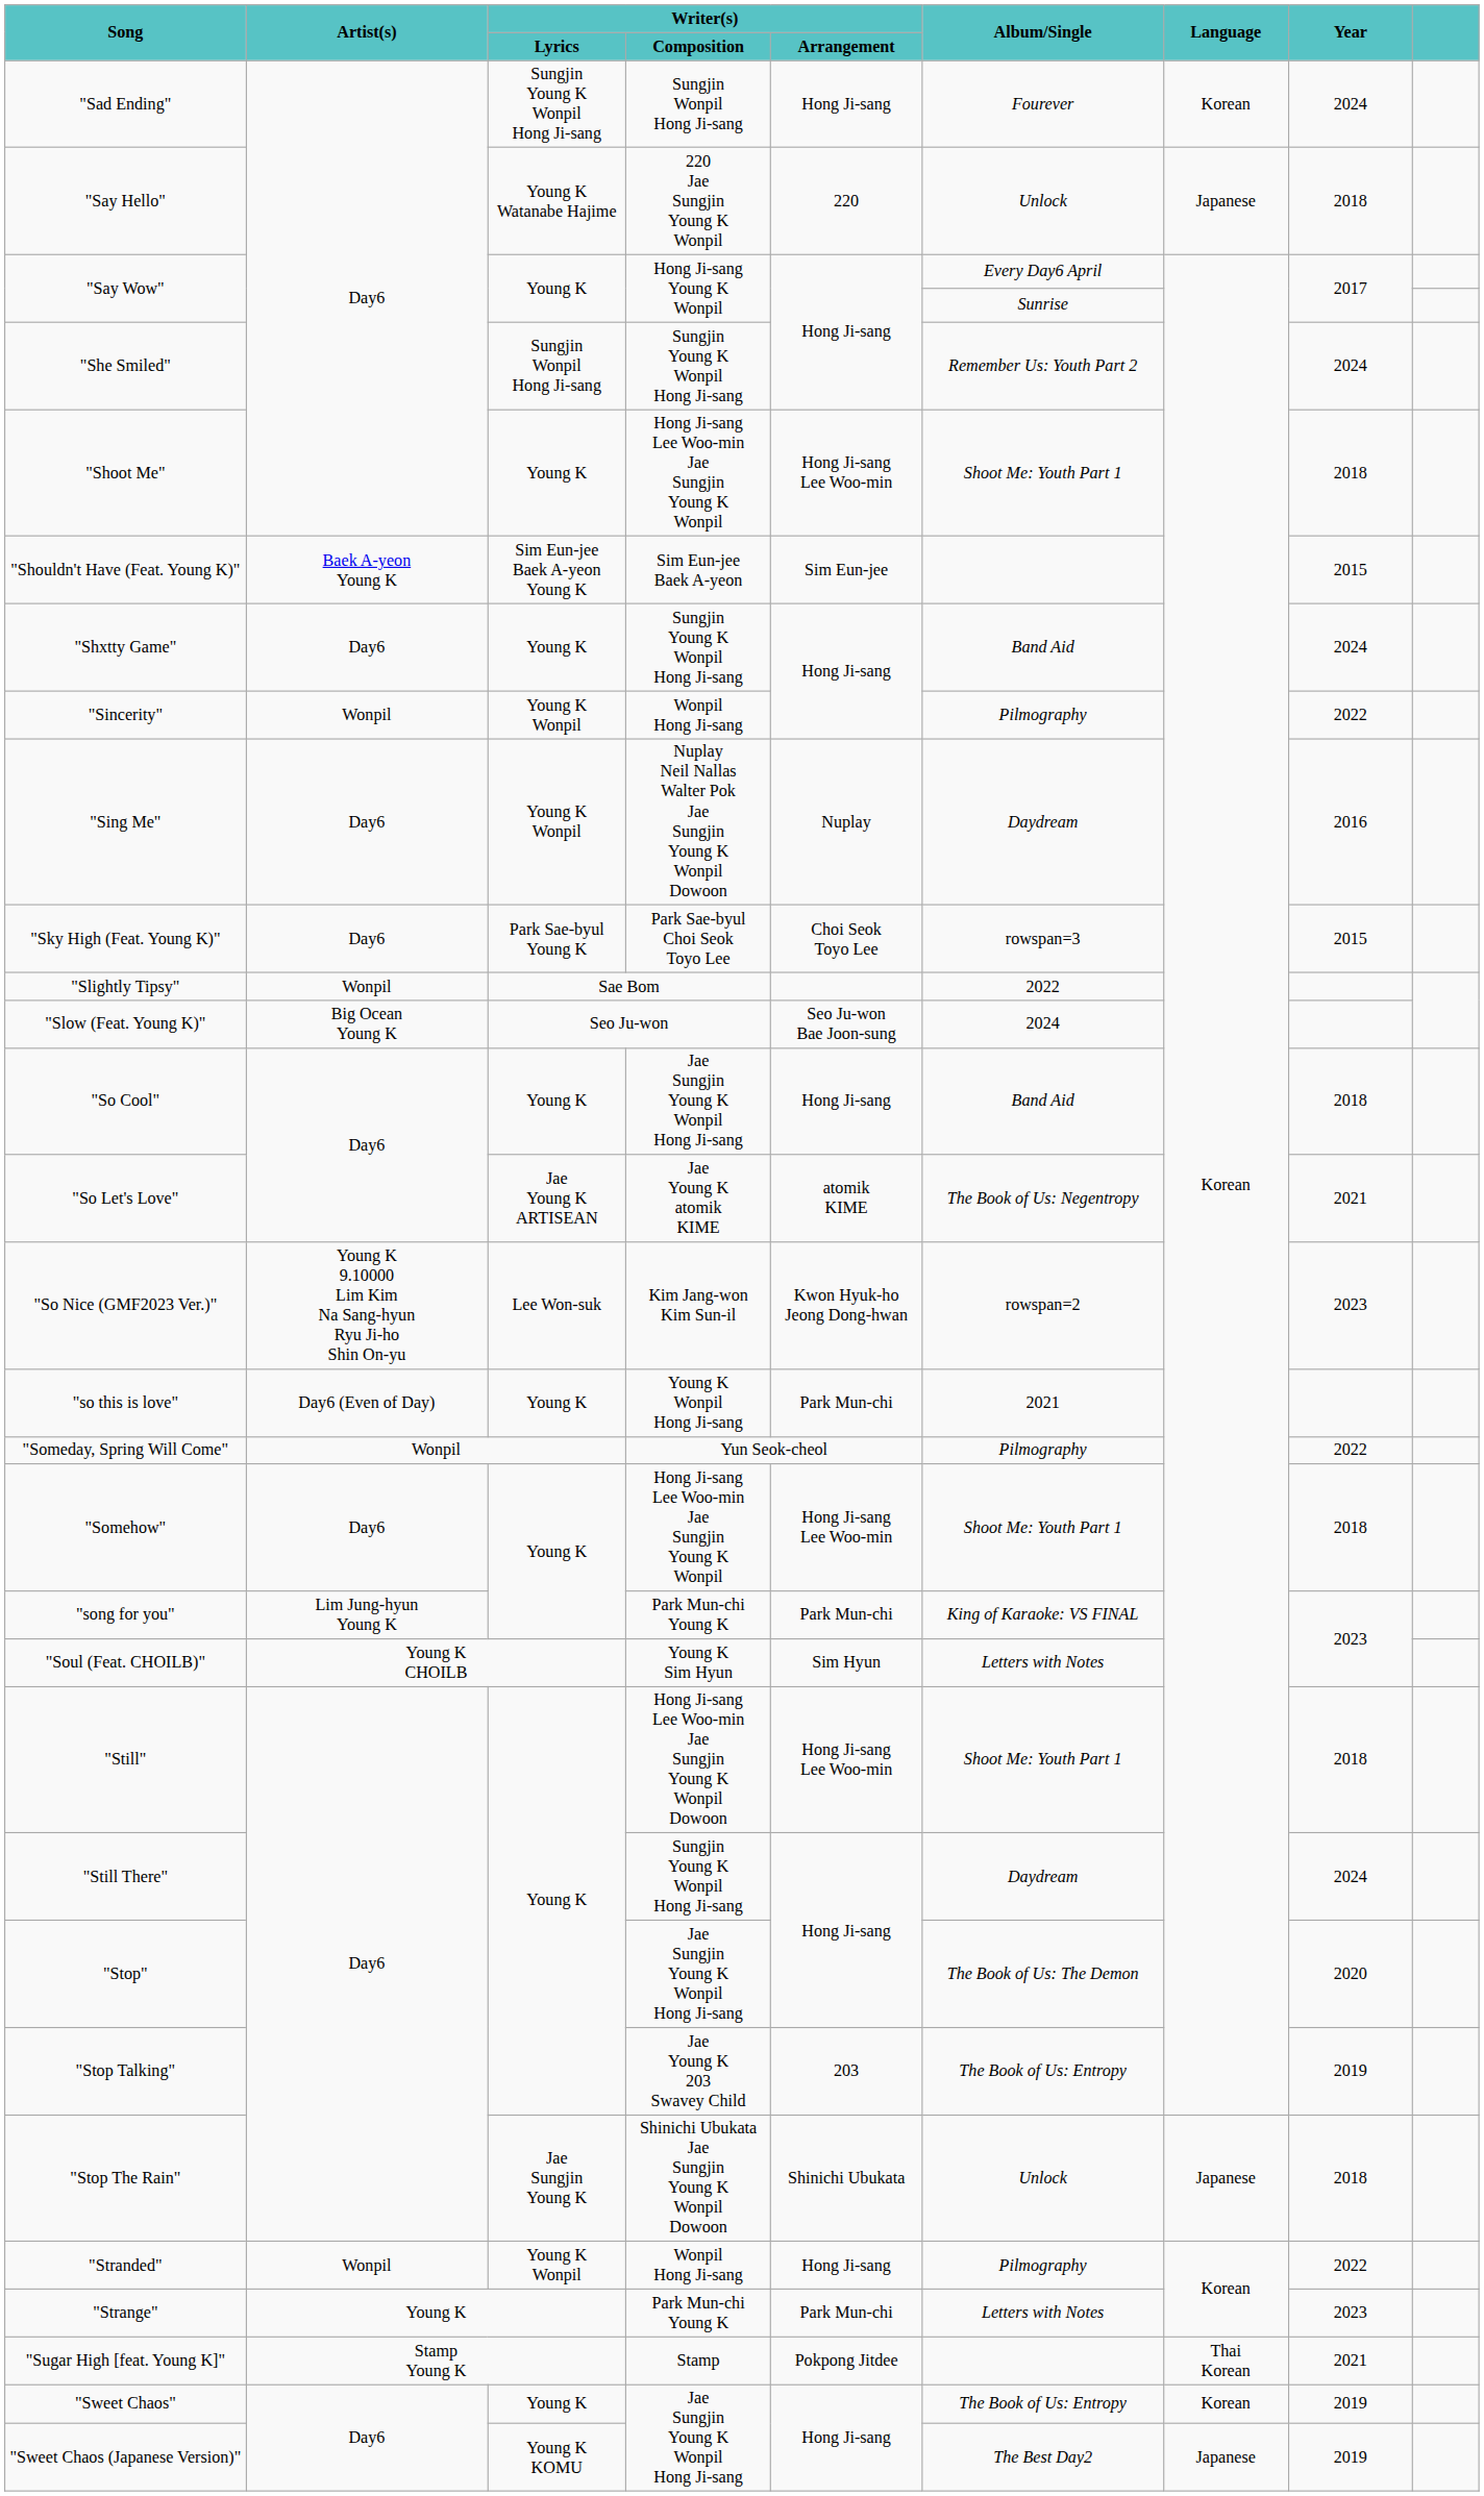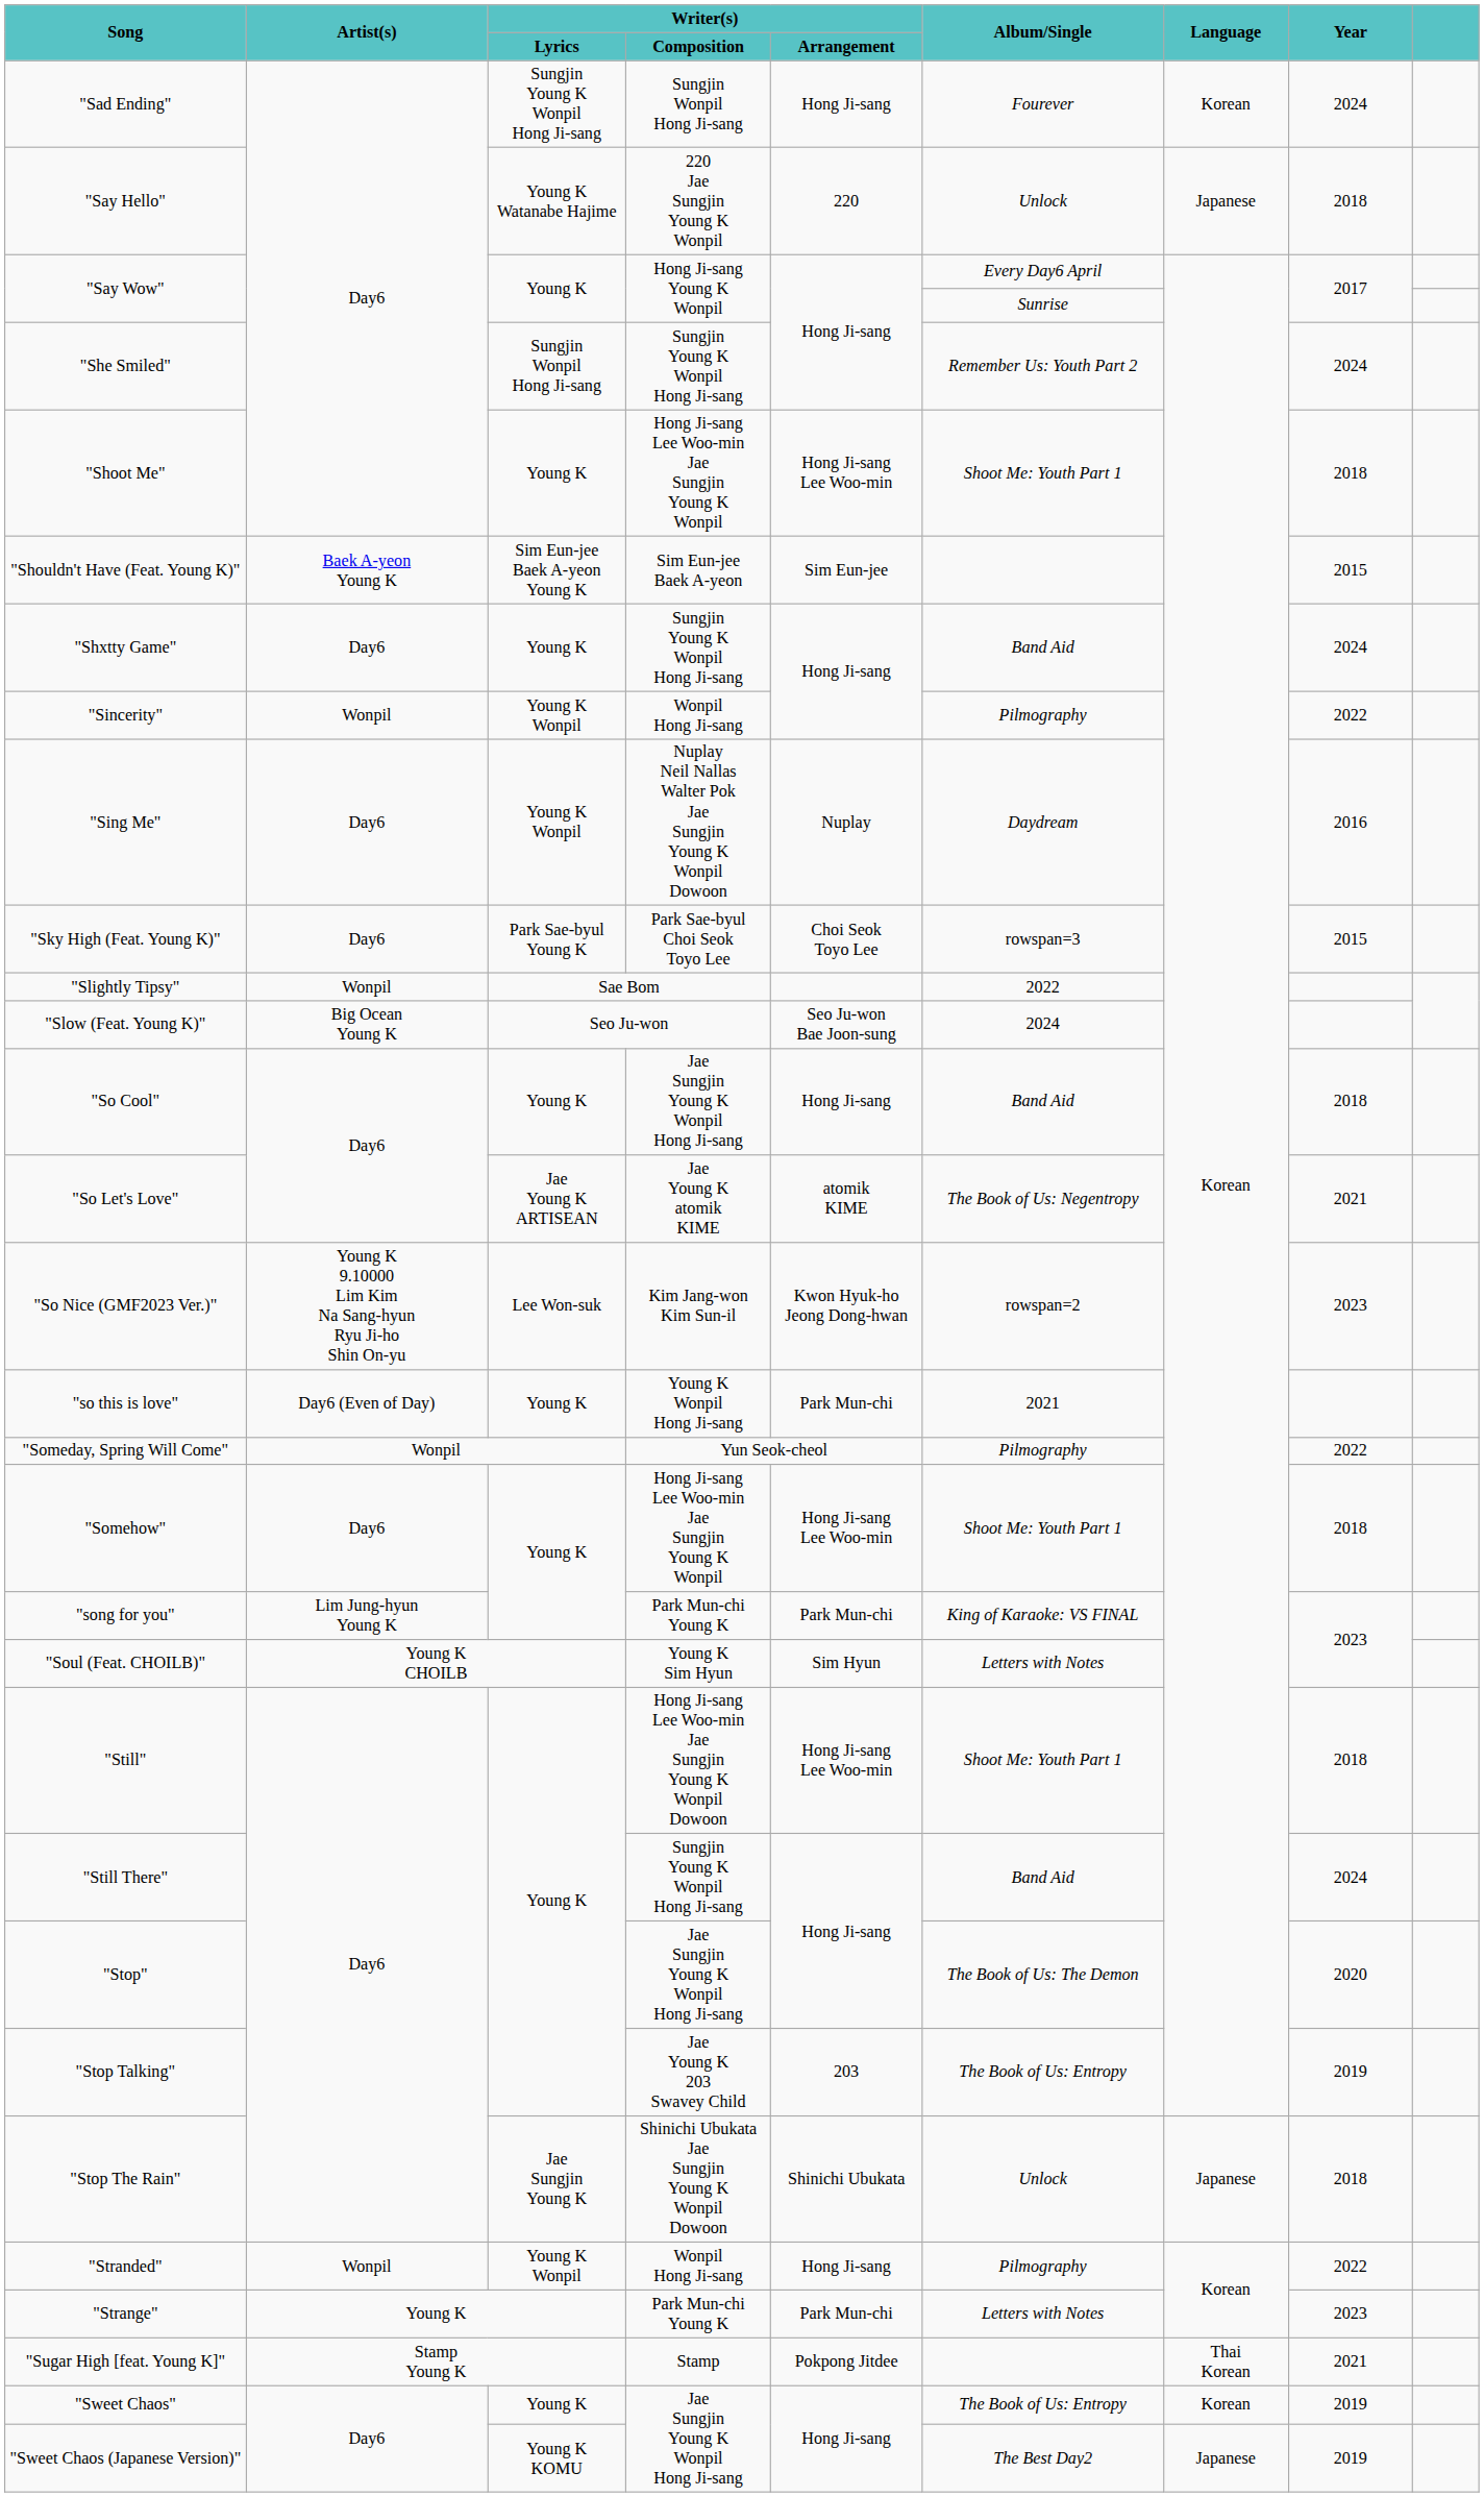 <table class="wikitable" style="margin:0.5em auto; clear:both; font-size:.9em; text-align:center; width:100%">
 <tr>
 <th rowspan=2 style="width:200px; background:#57c3c5;">Song</th>
 <th rowspan=2 style="width:200px; background:#57c3c5;">Artist(s)</th>
 <th colspan=3 style="width:700px; background:#57c3c5;">Writer(s)</th>
 <th rowspan=2 style="width:200px; background:#57c3c5;">Album/Single</th>
 <th rowspan=2 style="width:100px; background:#57c3c5;">Language</th>
 <th rowspan=2 style="width:100px; background:#57c3c5;">Year</th>
 <th rowspan=2 style="width:50px;  background:#57c3c5;"></th>
 </tr>
 <tr>
 <th style="background:#57c3c5">Lyrics</th>
 <th style="background:#57c3c5">Composition</th>
 <th style="background:#57c3c5">Arrangement</th>
 </tr>
 <tr>
 <td>"Sad Ending"<br></td>
 <td rowspan=6>Day6</td>
 <td>Sungjin<br>Young K<br>Wonpil<br>Hong Ji-sang</td>
 <td>Sungjin<br>Wonpil<br>Hong Ji-sang</td>
 <td>Hong Ji-sang</td>
 <td><em>Fourever</em></td>
 <td>Korean</td>
 <td>2024</td>
 <td></td>
 </tr>
 <tr>
 <td>"Say Hello"</td>
 <td>Young K<br>Watanabe Hajime</td>
 <td>220<br>Jae<br>Sungjin<br>Young K<br>Wonpil</td>
 <td>220</td>
 <td><em>Unlock</em></td>
 <td>Japanese</td>
 <td>2018</td>
 <td></td>
 </tr>
 <tr>
 <td rowspan=2>"Say Wow"</td>
 <td rowspan=2>Young K</td>
 <td rowspan=2>Hong Ji-sang<br>Young K<br>Wonpil</td>
 <td rowspan=3>Hong Ji-sang</td>
 <td><em>Every Day6 April</em></td>
 <td rowspan=23>Korean</td>
 <td rowspan=2>2017</td>
 <td></td>
 </tr>
 <tr>
 <td><em>Sunrise</em></td>
 <td></td>
 </tr>
 <tr>
 <td>"She Smiled"<br></td>
 <td>Sungjin<br>Wonpil<br>Hong Ji-sang</td>
 <td>Sungjin<br>Young K<br>Wonpil<br>Hong Ji-sang</td>
 <td><em>Remember Us: Youth Part 2</em></td>
 <td>2024</td>
 <td></td>
 </tr>
 <tr>
 <td>"Shoot Me"</td>
 <td>Young K</td>
 <td>Hong Ji-sang<br>Lee Woo-min<br>Jae<br>Sungjin<br>Young K<br>Wonpil</td>
 <td>Hong Ji-sang<br>Lee Woo-min</td>
 <td><em>Shoot Me: Youth Part 1</em></td>
 <td>2018</td>
 <td></td>
 </tr>
 <tr>
 <td>"Shouldn't Have (Feat. Young K)"<br></td>
 <td><a href='#'>Baek A-yeon</a><br>Young K</td>
 <td>Sim Eun-jee<br>Baek A-yeon<br>Young K</td>
 <td>Sim Eun-jee<br>Baek A-yeon</td>
 <td>Sim Eun-jee</td>
 <td></td>
 <td>2015</td>
 <td></td>
 </tr>
 <tr>
 <td>"Shxtty Game"<br></td>
 <td>Day6</td>
 <td>Young K</td>
 <td>Sungjin<br>Young K<br>Wonpil<br>Hong Ji-sang</td>
 <td rowspan=2>Hong Ji-sang</td>
 <td><em>Band Aid</em></td>
 <td>2024</td>
 <td></td>
 </tr>
 <tr>
 <td>"Sincerity"<br></td>
 <td>Wonpil</td>
 <td>Young K<br>Wonpil</td>
 <td>Wonpil<br>Hong Ji-sang</td>
 <td><em>Pilmography</em></td>
 <td>2022</td>
 <td></td>
 </tr>
 <tr>
 <td>"Sing Me"</td>
 <td>Day6</td>
 <td>Young K<br>Wonpil</td>
 <td>Nuplay<br>Neil Nallas<br>Walter Pok<br>Jae<br>Sungjin<br>Young K<br>Wonpil<br>Dowoon</td>
 <td>Nuplay</td>
 <td><em>Daydream</em></td>
 <td>2016</td>
 <td></td>
 </tr>
 <tr>
 <td>"Sky High (Feat. Young K)"</td>
 <td>Day6</td>
 <td>Park Sae-byul<br>Young K</td>
 <td>Park Sae-byul<br>Choi Seok<br>Toyo Lee</td>
 <td>Choi Seok<br>Toyo Lee</td>
 <td>rowspan=3 </td>
 <td>2015</td>
 <td></td>
 </tr>
 <tr>
 <td>"Slightly Tipsy"<br></td>
 <td>Wonpil</td>
 <td colspan=2>Sae Bom</td>
 <td></td>
 <td>2022</td>
 <td></td>
 </tr>
 <tr>
 <td>"Slow (Feat. Young K)"</td>
 <td>Big Ocean<br>Young K</td>
 <td colspan=2>Seo Ju-won</td>
 <td>Seo Ju-won<br>Bae Joon-sung</td>
 <td>2024</td>
 <td></td>
 </tr>
 <tr>
 <td>"So Cool"<br></td>
 <td rowspan=2>Day6</td>
 <td>Young K</td>
 <td>Jae<br>Sungjin<br>Young K<br>Wonpil<br>Hong Ji-sang</td>
 <td>Hong Ji-sang</td>
 <td><em>Band Aid</em></td>
 <td>2018</td>
 <td></td>
 </tr>
 <tr>
 <td>"So Let's Love"<br></td>
 <td>Jae<br>Young K<br>ARTISEAN</td>
 <td>Jae<br>Young K<br>atomik<br>KIME</td>
 <td>atomik<br>KIME</td>
 <td><em>The Book of Us: Negentropy</em></td>
 <td>2021</td>
 <td></td>
 </tr>
 <tr>
 <td>"So Nice (GMF2023 Ver.)"</td>
 <td>Young K<br>9.10000<br>Lim Kim<br>Na Sang-hyun<br>Ryu Ji-ho<br>Shin On-yu</td>
 <td>Lee Won-suk</td>
 <td>Kim Jang-won<br>Kim Sun-il</td>
 <td>Kwon Hyuk-ho<br>Jeong Dong-hwan</td>
 <td>rowspan=2 </td>
 <td>2023</td>
 <td></td>
 </tr>
 <tr>
 <td>"so this is love"<br></td>
 <td>Day6 (Even of Day)</td>
 <td>Young K</td>
 <td>Young K<br>Wonpil<br>Hong Ji-sang</td>
 <td>Park Mun-chi</td>
 <td>2021</td>
 <td></td>
 </tr>
 <tr>
 <td>"Someday, Spring Will Come"<br></td>
 <td colspan=2>Wonpil</td>
 <td colspan=2>Yun Seok-cheol</td>
 <td><em>Pilmography</em></td>
 <td>2022</td>
 <td></td>
 </tr>
 <tr>
 <td>"Somehow"<br></td>
 <td>Day6</td>
 <td rowspan=2>Young K</td>
 <td>Hong Ji-sang<br>Lee Woo-min<br>Jae<br>Sungjin<br>Young K<br>Wonpil</td>
 <td>Hong Ji-sang<br>Lee Woo-min</td>
 <td><em>Shoot Me: Youth Part 1</em></td>
 <td>2018</td>
 <td></td>
 </tr>
 <tr>
 <td>"song for you"<br></td>
 <td>Lim Jung-hyun<br>Young K</td>
 <td>Park Mun-chi<br>Young K</td>
 <td>Park Mun-chi</td>
 <td><em>King of Karaoke: VS FINAL</em></td>
 <td rowspan=2>2023</td>
 <td></td>
 </tr>
 <tr>
 <td>"Soul (Feat. CHOILB)"</td>
 <td colspan=2>Young K<br>CHOILB</td>
 <td>Young K<br>Sim Hyun</td>
 <td>Sim Hyun</td>
 <td><em>Letters with Notes</em></td>
 <td></td>
 </tr>
 <tr>
 <td>"Still"<br></td>
 <td rowspan=5>Day6</td>
 <td rowspan=4>Young K</td>
 <td>Hong Ji-sang<br>Lee Woo-min<br>Jae<br>Sungjin<br>Young K<br>Wonpil<br>Dowoon</td>
 <td>Hong Ji-sang<br>Lee Woo-min</td>
 <td><em>Shoot Me: Youth Part 1</em></td>
 <td>2018</td>
 <td></td>
 </tr>
 <tr>
 <td>"Still There"<br></td>
 <td>Sungjin<br>Young K<br>Wonpil<br>Hong Ji-sang</td>
 <td rowspan=2>Hong Ji-sang</td>
-<td><em>Daydream</em></td>
+<td><em>Band Aid</em></td>
 <td>2024</td>
 <td></td>
 </tr>
 <tr>
 <td>"Stop"<br></td>
 <td>Jae<br>Sungjin<br>Young K<br>Wonpil<br>Hong Ji-sang</td>
 <td><em>The Book of Us: The Demon</em></td>
 <td>2020</td>
 <td></td>
 </tr>
 <tr>
 <td>"Stop Talking"<br></td>
 <td>Jae<br>Young K<br>203<br>Swavey Child</td>
 <td>203</td>
 <td><em>The Book of Us: Entropy</em></td>
 <td>2019</td>
 <td></td>
 </tr>
 <tr>
 <td>"Stop The Rain"</td>
 <td>Jae<br>Sungjin<br>Young K</td>
 <td>Shinichi Ubukata<br>Jae<br>Sungjin<br>Young K<br>Wonpil<br>Dowoon</td>
 <td>Shinichi Ubukata</td>
 <td><em>Unlock</em></td>
 <td>Japanese</td>
 <td>2018</td>
 <td></td>
 </tr>
 <tr>
 <td>"Stranded"<br></td>
 <td>Wonpil</td>
 <td>Young K<br>Wonpil</td>
 <td>Wonpil<br>Hong Ji-sang</td>
 <td>Hong Ji-sang</td>
 <td><em>Pilmography</em></td>
 <td rowspan=2>Korean</td>
 <td>2022</td>
 <td></td>
 </tr>
 <tr>
 <td>"Strange"</td>
 <td colspan=2>Young K</td>
 <td>Park Mun-chi<br>Young K</td>
 <td>Park Mun-chi</td>
 <td><em>Letters with Notes</em></td>
 <td>2023</td>
 <td></td>
 </tr>
 <tr>
 <td>"Sugar High [feat. Young K]"<br></td>
 <td colspan=2>Stamp<br>Young K</td>
 <td>Stamp</td>
 <td>Pokpong Jitdee</td>
 <td></td>
 <td>Thai<br>Korean</td>
 <td>2021</td>
 <td></td>
 </tr>
 <tr>
 <td>"Sweet Chaos"</td>
 <td rowspan=2>Day6</td>
 <td>Young K</td>
 <td rowspan=2>Jae<br>Sungjin<br>Young K<br>Wonpil<br>Hong Ji-sang</td>
 <td rowspan=2>Hong Ji-sang</td>
 <td><em>The Book of Us: Entropy</em></td>
 <td>Korean</td>
 <td>2019</td>
 <td></td>
 </tr>
 <tr>
 <td>"Sweet Chaos (Japanese Version)"</td>
 <td>Young K<br>KOMU</td>
 <td><em>The Best Day2</em></td>
 <td>Japanese</td>
 <td>2019</td>
 <td></td>
 </tr>
 </table>
